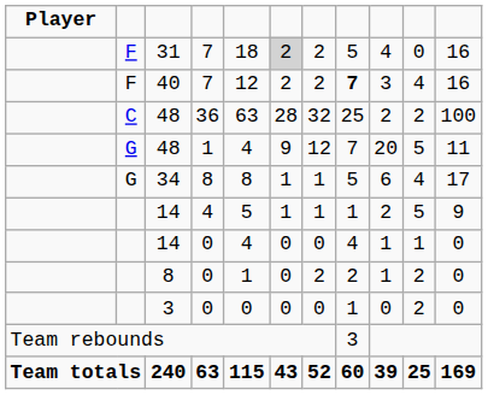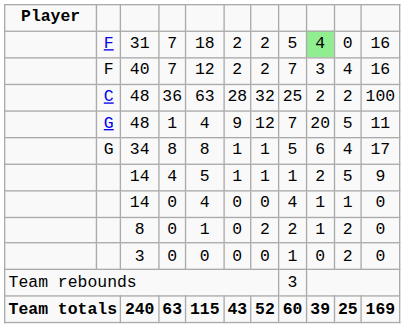 <table class="wikitable sortable" style="text-align: center; font-size:95%">
 <tr>
 <td><strong>Player</strong></td>
 <td><strong></strong></td>
 <td><strong></strong></td>
 <td><strong></strong></td>
 <td><strong></strong></td>
 <td><strong></strong></td>
 <td><strong></strong></td>
 <td><strong></strong></td>
 <td><strong></strong></td>
 <td><strong></strong></td>
 <td><strong></strong></td>
 </tr>
 <tr>
 <td></td>
 <td><a href='#'>F</a></td>
 <td>31</td>
 <td>7</td>
 <td>18</td>
-<td style="background: lightgrey;">2</td>
+<td>2</td>
 <td>2</td>
 <td>5</td>
-<td>4</td>
+<td style="background: lightgreen;">4</td>
 <td>0</td>
 <td>16</td>
 </tr>
 <tr>
 <td></td>
 <td>F</td>
 <td>40</td>
 <td>7</td>
 <td>12</td>
 <td>2</td>
 <td>2</td>
-<td><strong>7</strong></td>
+<td>7</td>
 <td>3</td>
 <td>4</td>
 <td>16</td>
 </tr>
 <tr>
 <td></td>
 <td><a href='#'>C</a></td>
 <td>48</td>
 <td>36</td>
 <td>63</td>
 <td>28</td>
 <td>32</td>
 <td>25</td>
 <td>2</td>
 <td>2</td>
 <td>100</td>
 </tr>
 <tr>
 <td></td>
 <td><a href='#'>G</a></td>
 <td>48</td>
 <td>1</td>
 <td>4</td>
 <td>9</td>
 <td>12</td>
 <td>7</td>
 <td>20</td>
 <td>5</td>
 <td>11</td>
 </tr>
 <tr>
 <td></td>
 <td>G</td>
 <td>34</td>
 <td>8</td>
 <td>8</td>
 <td>1</td>
 <td>1</td>
 <td>5</td>
 <td>6</td>
 <td>4</td>
 <td>17</td>
 </tr>
 <tr>
 <td></td>
 <td></td>
 <td>14</td>
 <td>4</td>
 <td>5</td>
 <td>1</td>
 <td>1</td>
 <td>1</td>
 <td>2</td>
 <td>5</td>
 <td>9</td>
 </tr>
 <tr>
 <td></td>
 <td></td>
 <td>14</td>
 <td>0</td>
 <td>4</td>
 <td>0</td>
 <td>0</td>
 <td>4</td>
 <td>1</td>
 <td>1</td>
 <td>0</td>
 </tr>
 <tr>
 <td></td>
 <td></td>
 <td>8</td>
 <td>0</td>
 <td>1</td>
 <td>0</td>
 <td>2</td>
 <td>2</td>
 <td>1</td>
 <td>2</td>
 <td>0</td>
 </tr>
 <tr>
 <td></td>
 <td></td>
 <td>3</td>
 <td>0</td>
 <td>0</td>
 <td>0</td>
 <td>0</td>
 <td>1</td>
 <td>0</td>
 <td>2</td>
 <td>0</td>
 </tr>
 <tr class="sortbottom">
 <td style="text-align:left;" colspan="7">Team rebounds</td>
 <td>3</td>
 <td colspan=3></td>
 </tr>
 <tr class="sortbottom">
 <td style="text-align:left;" colspan="2"><strong>Team totals</strong></td>
 <td><strong>240</strong></td>
 <td><strong>63</strong></td>
 <td><strong>115</strong></td>
 <td><strong>43</strong></td>
 <td><strong>52</strong></td>
 <td><strong>60</strong></td>
 <td><strong>39</strong></td>
 <td><strong>25</strong></td>
 <td><strong>169</strong></td>
 </tr>
 </table>
